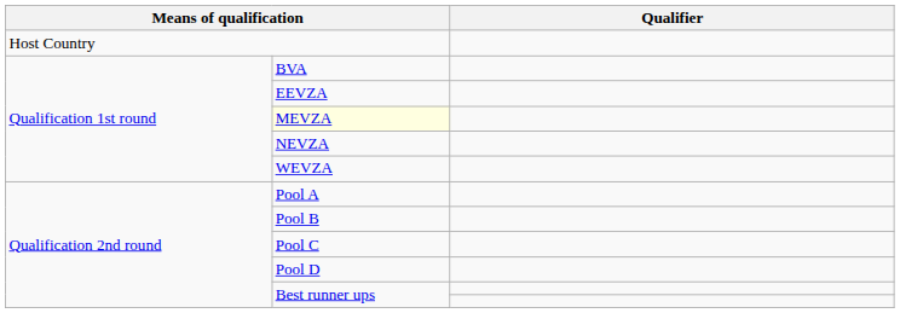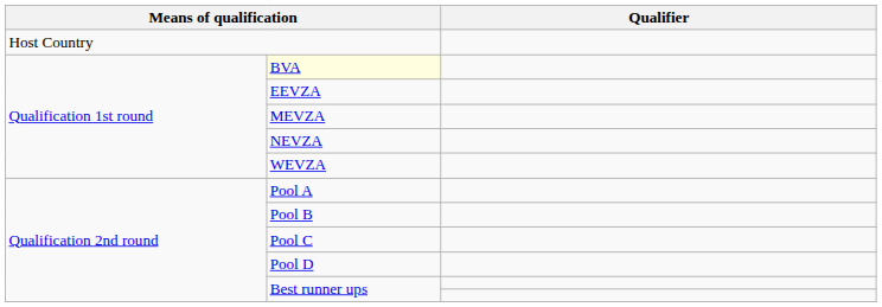 <table class="wikitable">
 <tr>
 <th colspan=2 width=30%>Means of qualification</th>
 <th width=30%>Qualifier</th>
 </tr>
 <tr>
 <td colspan=2>Host Country</td>
 <td></td>
 </tr>
 <tr>
 <td rowspan=5><a href='#'>Qualification 1st round</a></td>
-<td><a href='#'>BVA</a></td>
+<td style="background: lightyellow;"><a href='#'>BVA</a></td>
 <td></td>
 </tr>
 <tr>
 <td><a href='#'>EEVZA</a></td>
 <td></td>
 </tr>
 <tr>
-<td style="background: lightyellow;"><a href='#'>MEVZA</a></td>
+<td><a href='#'>MEVZA</a></td>
 <td></td>
 </tr>
 <tr>
 <td><a href='#'>NEVZA</a></td>
 <td></td>
 </tr>
 <tr>
 <td><a href='#'>WEVZA</a></td>
 <td></td>
 </tr>
 <tr>
 <td rowspan=6><a href='#'>Qualification 2nd round</a></td>
 <td><a href='#'>Pool A</a></td>
 <td></td>
 </tr>
 <tr>
 <td><a href='#'>Pool B</a></td>
 <td></td>
 </tr>
 <tr>
 <td><a href='#'>Pool C</a></td>
 <td></td>
 </tr>
 <tr>
 <td><a href='#'>Pool D</a></td>
 <td></td>
 </tr>
 <tr>
 <td rowspan=2><a href='#'>Best runner ups</a></td>
 <td></td>
 </tr>
 <tr>
 <td></td>
 </tr>
 </table>
